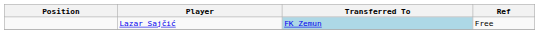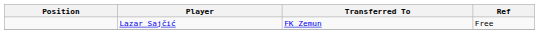 <table class="wikitable sortable" style="width:70%; font-size:100%; text-align:left;">
 <tr>
 <th>Position</th>
 <th>Player</th>
 <th>Transferred To</th>
 <th>Ref</th>
 </tr>
 <tr>
 <td></td>
 <td> <a href='#'>Lazar Sajčić</a></td>
-<td style="background: lightblue;"> <a href='#'>FK Zemun</a></td>
+<td> <a href='#'>FK Zemun</a></td>
 <td>Free</td>
 </tr>
 <tr>
 </tr>
 </table>
